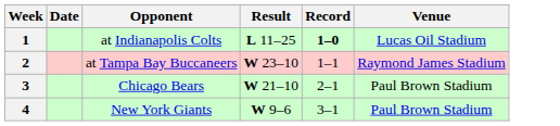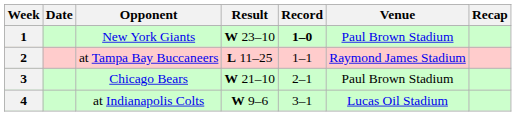 <table class="wikitable" style="text-align:center">
 <tr>
 <th>Week</th>
 <th>Date</th>
 <th>Opponent</th>
 <th>Result</th>
 <th>Record</th>
 <th>Venue</th>
+<th>Recap</th>
 </tr>
 <tr style="background:#cfc">
 <th>1</th>
 <td></td>
-<td>at <a href='#'>Indianapolis Colts</a></td>
-<td><strong>L</strong> 11–25</td>
+<td><a href='#'>New York Giants</a></td>
+<td><strong>W</strong> 23–10</td>
 <td><strong>1–0</strong></td>
-<td><a href='#'>Lucas Oil Stadium</a></td>
+<td><a href='#'>Paul Brown Stadium</a></td>
+<td></td>
 </tr>
 <tr style="background:#fcc">
 <th>2</th>
 <td></td>
 <td>at <a href='#'>Tampa Bay Buccaneers</a></td>
-<td><strong>W</strong> 23–10</td>
+<td><strong>L</strong> 11–25</td>
 <td>1–1</td>
 <td><a href='#'>Raymond James Stadium</a></td>
+<td></td>
 </tr>
 <tr style="background:#cfc">
 <th>3</th>
 <td></td>
 <td><a href='#'>Chicago Bears</a></td>
 <td><strong>W</strong> 21–10</td>
 <td>2–1</td>
 <td>Paul Brown Stadium</td>
+<td></td>
 </tr>
 <tr style="background:#cfc">
 <th>4</th>
 <td></td>
-<td><a href='#'>New York Giants</a></td>
+<td>at <a href='#'>Indianapolis Colts</a></td>
 <td><strong>W</strong> 9–6</td>
 <td>3–1</td>
-<td><a href='#'>Paul Brown Stadium</a></td>
+<td><a href='#'>Lucas Oil Stadium</a></td>
+<td></td>
 </tr>
 </table>
